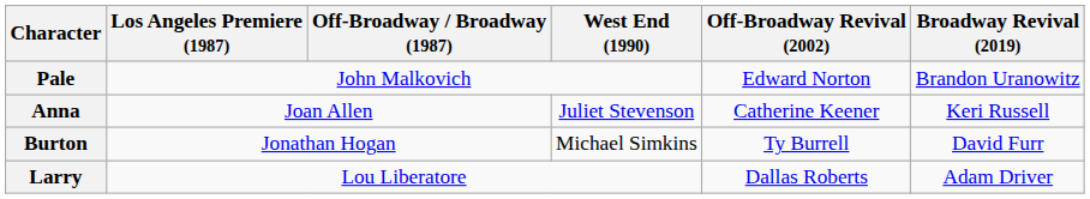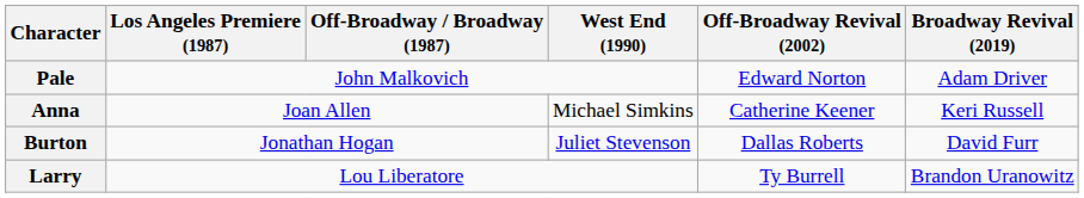 <table class="wikitable" style="width:80;">
 <tr>
 <th>Character</th>
 <th>Los Angeles Premiere <br> <small>(1987)</small></th>
 <th>Off-Broadway / Broadway <br> <small> (1987) </small></th>
 <th>West End <br> <small> (1990) </small></th>
 <th>Off-Broadway Revival <br> <small> (2002) </small></th>
 <th>Broadway Revival <br> <small> (2019) </small></th>
 </tr>
 <tr>
 <th>Pale</th>
 <td colspan="3" align="center"><a href='#'>John Malkovich</a></td>
 <td align="center"><a href='#'>Edward Norton</a></td>
-<td align="center"><a href='#'>Brandon Uranowitz</a></td>
+<td align="center"><a href='#'>Adam Driver</a></td>
 </tr>
 <tr>
 <th>Anna</th>
 <td colspan="2" align="center"><a href='#'>Joan Allen</a></td>
-<td align="center"><a href='#'>Juliet Stevenson</a></td>
+<td align="center">Michael Simkins</td>
 <td align="center"><a href='#'>Catherine Keener</a></td>
 <td align="center"><a href='#'>Keri Russell</a></td>
 </tr>
 <tr>
 <th>Burton</th>
 <td colspan="2" align="center"><a href='#'>Jonathan Hogan</a></td>
-<td align="center">Michael Simkins</td>
-<td align="center"><a href='#'>Ty Burrell</a></td>
+<td align="center"><a href='#'>Juliet Stevenson</a></td>
+<td align="center"><a href='#'>Dallas Roberts</a></td>
 <td align="center"><a href='#'>David Furr</a></td>
 </tr>
 <tr>
 <th>Larry</th>
 <td colspan="3" align="center"><a href='#'>Lou Liberatore</a></td>
-<td align="center"><a href='#'>Dallas Roberts</a></td>
-<td align="center"><a href='#'>Adam Driver</a></td>
+<td align="center"><a href='#'>Ty Burrell</a></td>
+<td align="center"><a href='#'>Brandon Uranowitz</a></td>
 </tr>
 </table>
